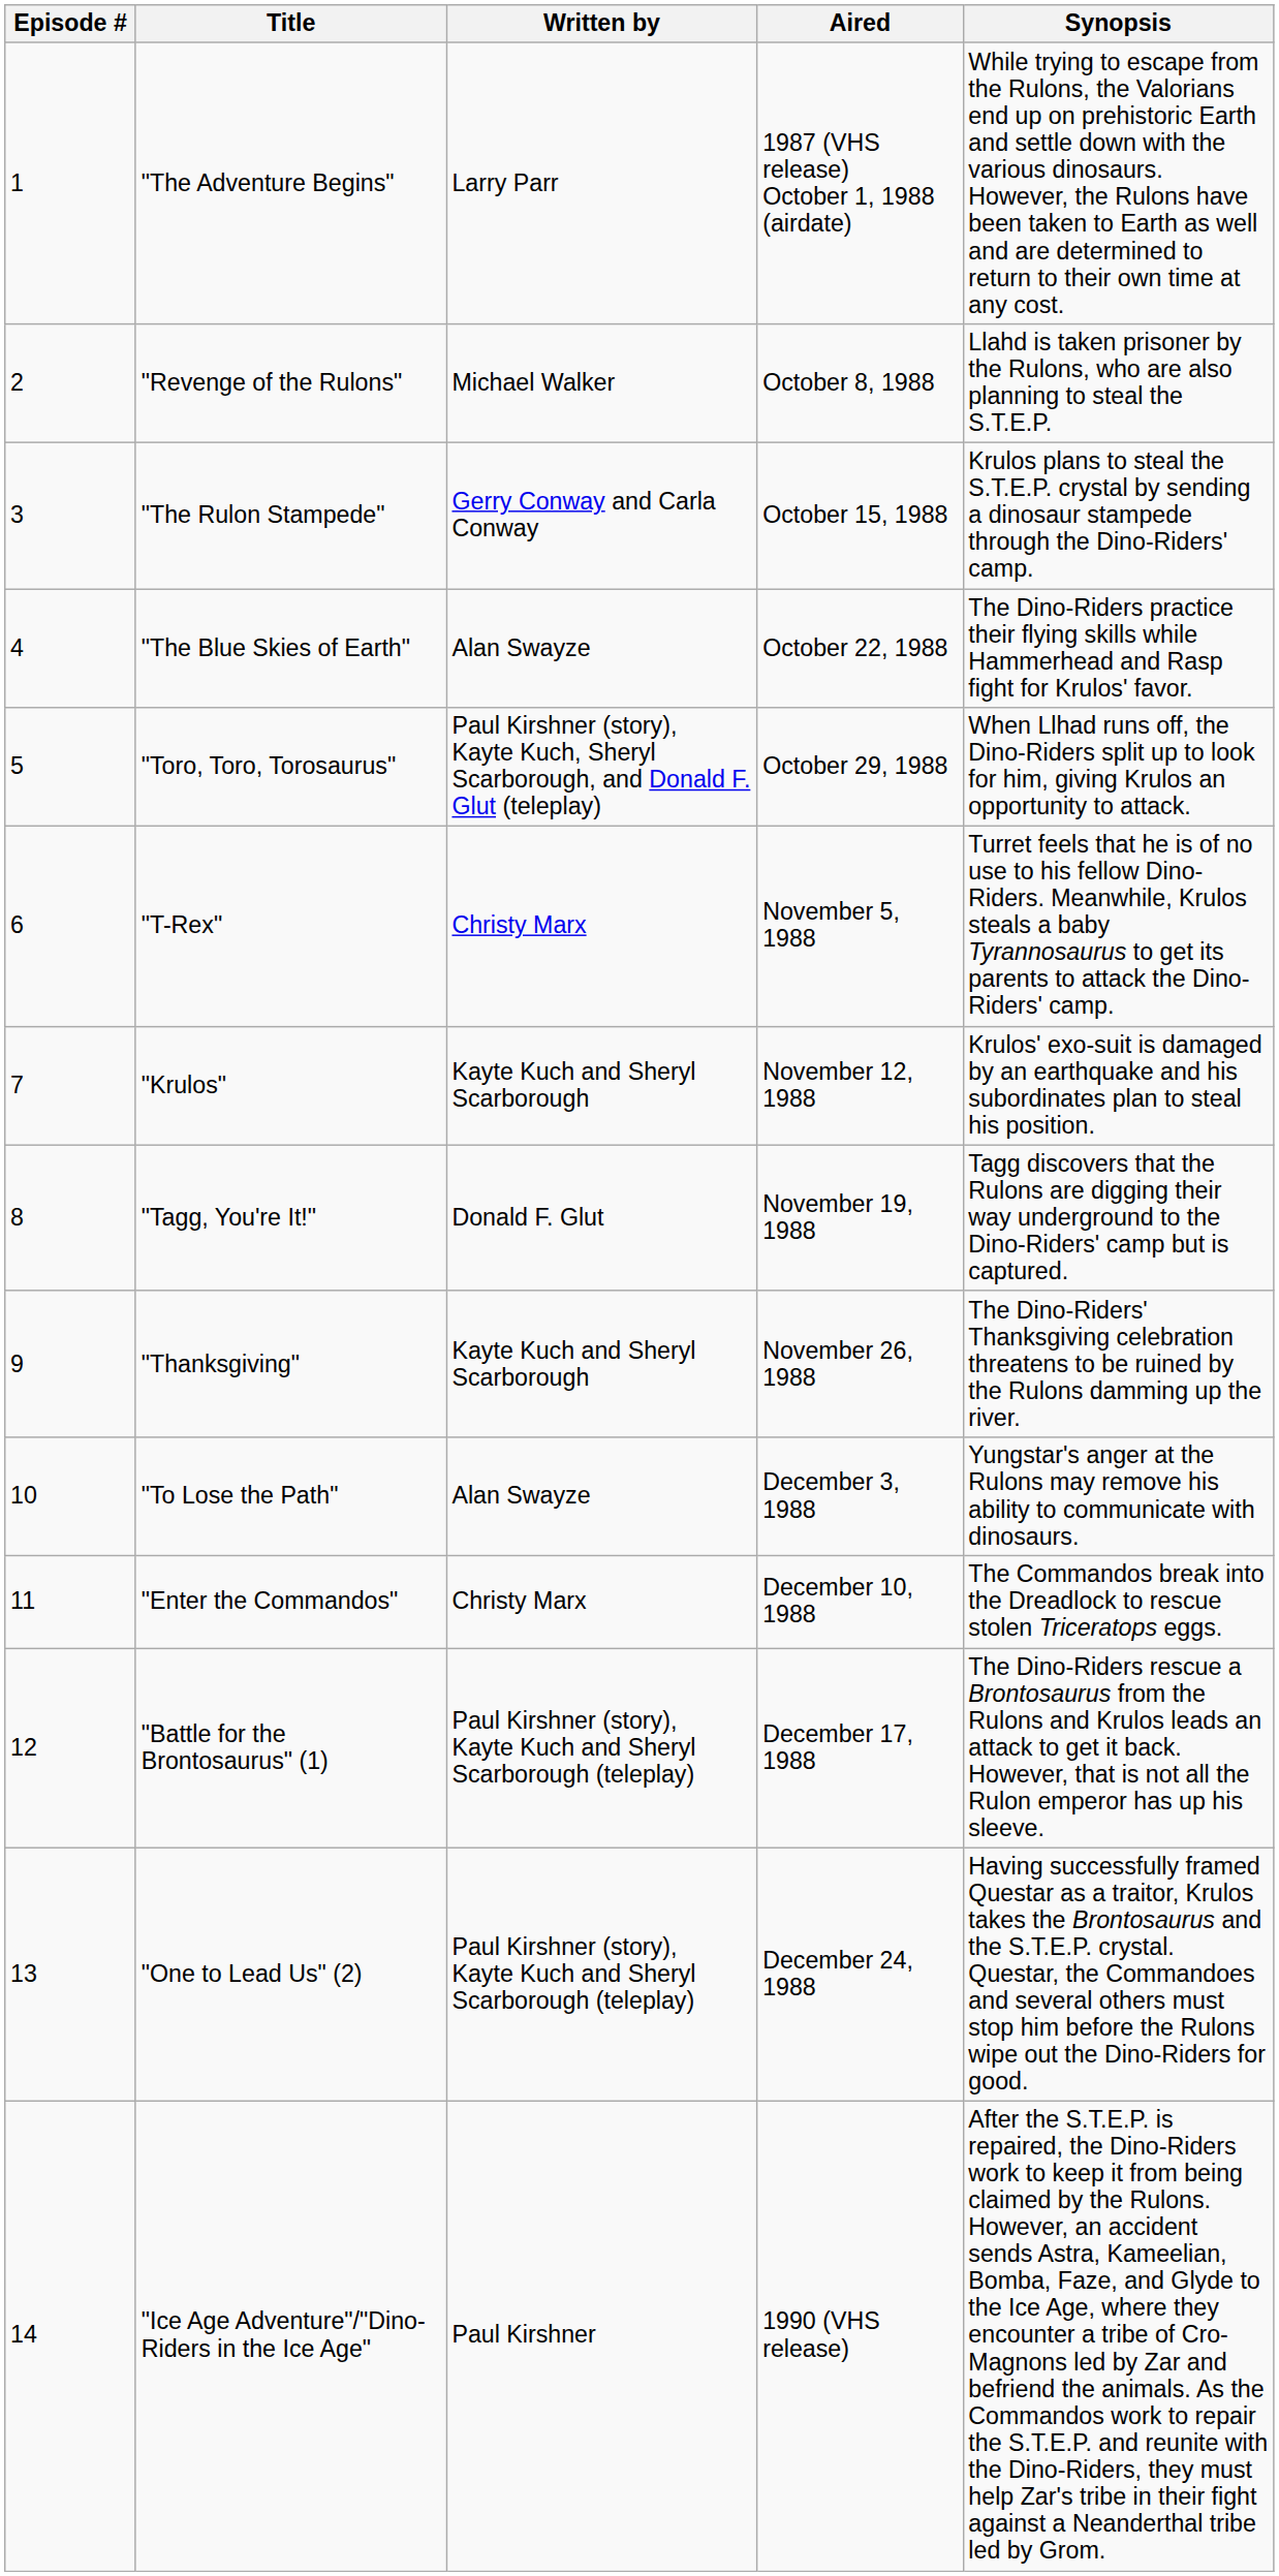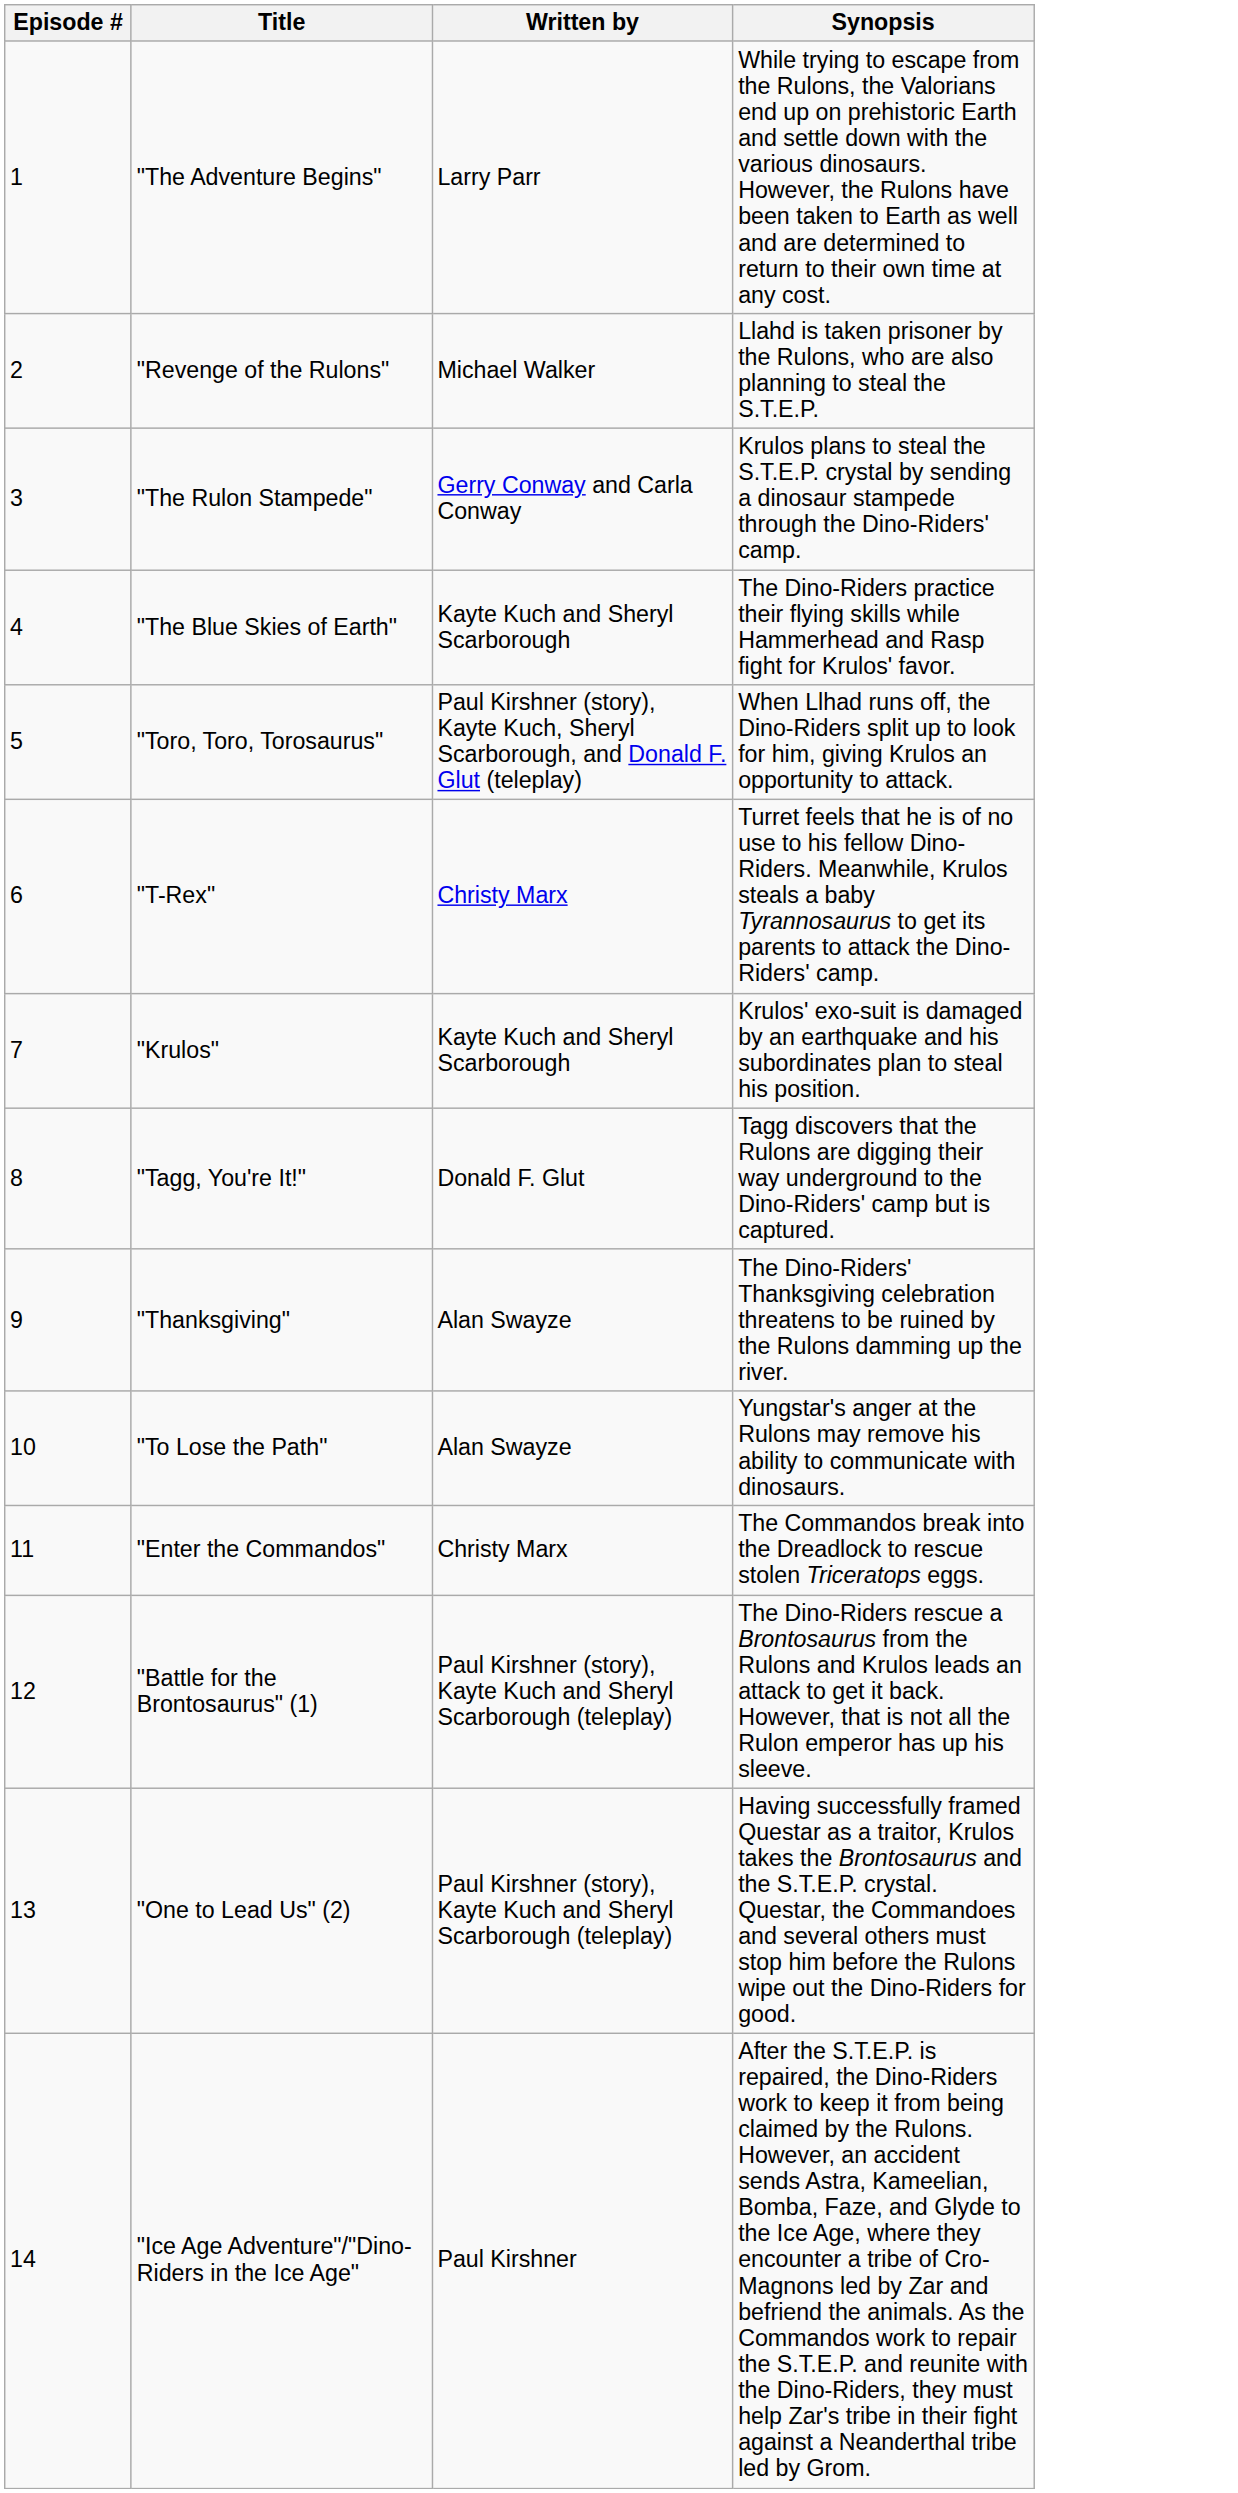 <table class="wikitable" style="border:1px solid darkgrey;">
 <tr>
 <th style="width:80px; align:center;">Episode #</th>
 <th style="width:200px;">Title</th>
 <th style="width:200px;">Written by</th>
-<th style="width:130px;">Aired</th>
 <th style="width:200px;">Synopsis</th>
 </tr>
 <tr>
 <td>1</td>
 <td>"The Adventure Begins"</td>
 <td>Larry Parr</td>
-<td>1987 (VHS release)<br>October 1, 1988 (airdate)</td>
 <td>While trying to escape from the Rulons, the Valorians end up on prehistoric Earth and settle down with the various dinosaurs. However, the Rulons have been taken to Earth as well and are determined to return to their own time at any cost.</td>
 </tr>
 <tr>
 <td>2</td>
 <td>"Revenge of the Rulons"</td>
 <td>Michael Walker</td>
-<td>October 8, 1988</td>
 <td>Llahd is taken prisoner by the Rulons, who are also planning to steal the S.T.E.P.</td>
 </tr>
 <tr>
 <td>3</td>
 <td>"The Rulon Stampede"</td>
 <td><a href='#'>Gerry Conway</a> and Carla Conway</td>
-<td>October 15, 1988</td>
 <td>Krulos plans to steal the S.T.E.P. crystal by sending a dinosaur stampede through the Dino-Riders' camp.</td>
 </tr>
 <tr>
 <td>4</td>
 <td>"The Blue Skies of Earth"</td>
-<td>Alan Swayze</td>
-<td>October 22, 1988</td>
+<td>Kayte Kuch and Sheryl Scarborough</td>
 <td>The Dino-Riders practice their flying skills while Hammerhead and Rasp fight for Krulos' favor.</td>
 </tr>
 <tr>
 <td>5</td>
 <td>"Toro, Toro, Torosaurus"</td>
 <td>Paul Kirshner (story),<br>Kayte Kuch, Sheryl Scarborough, and <a href='#'>Donald F. Glut</a> (teleplay)</td>
-<td>October 29, 1988</td>
 <td>When Llhad runs off, the Dino-Riders split up to look for him, giving Krulos an opportunity to attack.</td>
 </tr>
 <tr>
 <td>6</td>
 <td>"T-Rex"</td>
 <td><a href='#'>Christy Marx</a></td>
-<td>November 5, 1988</td>
 <td>Turret feels that he is of no use to his fellow Dino-Riders. Meanwhile, Krulos steals a baby <em>Tyrannosaurus</em> to get its parents to attack the Dino-Riders' camp.</td>
 </tr>
 <tr>
 <td>7</td>
 <td>"Krulos"</td>
 <td>Kayte Kuch and Sheryl Scarborough</td>
-<td>November 12, 1988</td>
 <td>Krulos' exo-suit is damaged by an earthquake and his subordinates plan to steal his position.</td>
 </tr>
 <tr>
 <td>8</td>
 <td>"Tagg, You're It!"</td>
 <td>Donald F. Glut</td>
-<td>November 19, 1988</td>
 <td>Tagg discovers that the Rulons are digging their way underground to the Dino-Riders' camp but is captured.</td>
 </tr>
 <tr>
 <td>9</td>
 <td>"Thanksgiving"</td>
-<td>Kayte Kuch and Sheryl Scarborough</td>
-<td>November 26, 1988</td>
+<td>Alan Swayze</td>
 <td>The Dino-Riders' Thanksgiving celebration threatens to be ruined by the Rulons damming up the river.</td>
 </tr>
 <tr>
 <td>10</td>
 <td>"To Lose the Path"</td>
 <td>Alan Swayze</td>
-<td>December 3, 1988</td>
 <td>Yungstar's anger at the Rulons may remove his ability to communicate with dinosaurs.</td>
 </tr>
 <tr>
 <td>11</td>
 <td>"Enter the Commandos"</td>
 <td>Christy Marx</td>
-<td>December 10, 1988</td>
 <td>The Commandos break into the Dreadlock to rescue stolen <em>Triceratops</em> eggs.</td>
 </tr>
 <tr>
 <td>12</td>
 <td>"Battle for the Brontosaurus" (1)</td>
 <td>Paul Kirshner (story),<br>Kayte Kuch and Sheryl Scarborough (teleplay)</td>
-<td>December 17, 1988</td>
 <td>The Dino-Riders rescue a <em>Brontosaurus</em> from the Rulons and Krulos leads an attack to get it back. However, that is not all the Rulon emperor has up his sleeve.</td>
 </tr>
 <tr>
 <td>13</td>
 <td>"One to Lead Us" (2)</td>
 <td>Paul Kirshner (story),<br>Kayte Kuch and Sheryl Scarborough (teleplay)</td>
-<td>December 24, 1988</td>
 <td>Having successfully framed Questar as a traitor, Krulos takes the <em>Brontosaurus</em> and the S.T.E.P. crystal. Questar, the Commandoes and several others must stop him before the Rulons wipe out the Dino-Riders for good.</td>
 </tr>
 <tr>
 <td>14</td>
 <td>"Ice Age Adventure"/"Dino-Riders in the Ice Age"</td>
 <td>Paul Kirshner</td>
-<td>1990 (VHS release)</td>
 <td>After the S.T.E.P. is repaired, the Dino-Riders work to keep it from being claimed by the Rulons. However, an accident sends Astra, Kameelian, Bomba, Faze, and Glyde to the Ice Age, where they encounter a tribe of Cro-Magnons led by Zar and befriend the animals. As the Commandos work to repair the S.T.E.P. and reunite with the Dino-Riders, they must help Zar's tribe in their fight against a Neanderthal tribe led by Grom.</td>
 </tr>
 </table>
